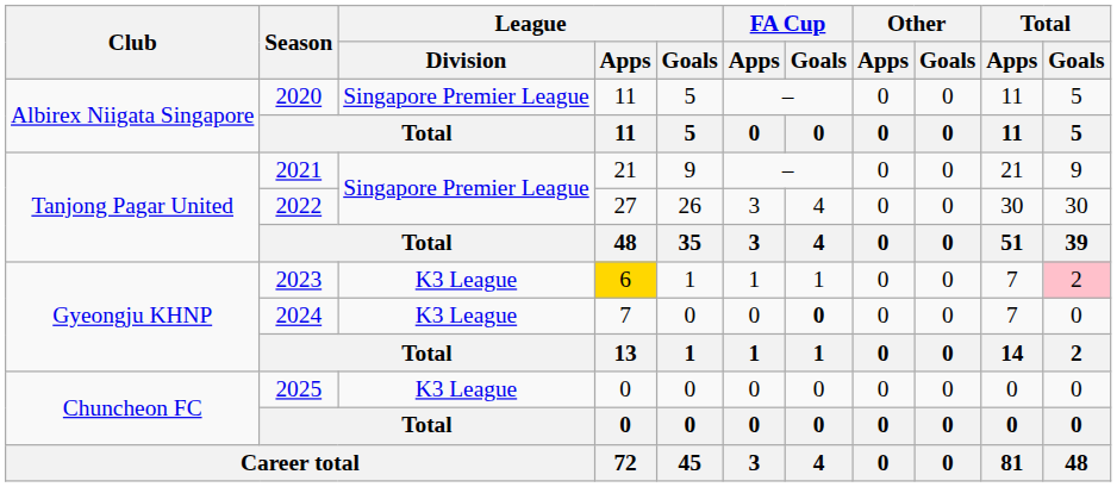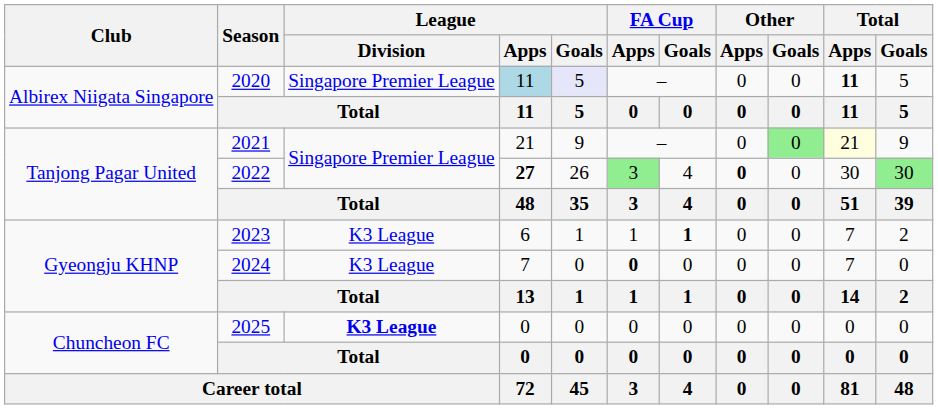 <table class="wikitable" style="text-align: center">
 <tr>
 <th rowspan="2">Club</th>
 <th rowspan="2">Season</th>
 <th colspan="3">League</th>
 <th colspan="2"><a href='#'>FA Cup</a></th>
 <th colspan="2">Other</th>
 <th colspan="2">Total</th>
 </tr>
 <tr>
 <th>Division</th>
 <th>Apps</th>
 <th>Goals</th>
 <th>Apps</th>
 <th>Goals</th>
 <th>Apps</th>
 <th>Goals</th>
 <th>Apps</th>
 <th>Goals</th>
 </tr>
 <tr>
 <td rowspan="2"><a href='#'>Albirex Niigata Singapore</a></td>
 <td><a href='#'>2020</a></td>
 <td rowspan="1"><a href='#'>Singapore Premier League</a></td>
-<td>11</td>
-<td>5</td>
+<td style="background: lightblue;">11</td>
+<td style="background: lavender;">5</td>
 <td colspan="2">–</td>
 <td>0</td>
 <td>0</td>
-<td>11</td>
+<td><strong>11</strong></td>
 <td>5</td>
 </tr>
 <tr>
 <th colspan=2>Total</th>
 <th>11</th>
 <th>5</th>
 <th>0</th>
 <th>0</th>
 <th>0</th>
 <th>0</th>
 <th>11</th>
 <th>5</th>
 </tr>
 <tr>
 <td rowspan="3"><a href='#'>Tanjong Pagar United</a></td>
 <td><a href='#'>2021</a></td>
 <td rowspan="2"><a href='#'>Singapore Premier League</a></td>
 <td>21</td>
 <td>9</td>
 <td colspan="2">–</td>
 <td>0</td>
-<td>0</td>
-<td>21</td>
+<td style="background: lightgreen;">0</td>
+<td style="background: lightyellow;">21</td>
 <td>9</td>
 </tr>
 <tr>
 <td><a href='#'>2022</a></td>
-<td>27</td>
+<td><strong>27</strong></td>
 <td>26</td>
-<td>3</td>
+<td style="background: lightgreen;">3</td>
 <td>4</td>
-<td>0</td>
+<td><strong>0</strong></td>
 <td>0</td>
 <td>30</td>
-<td>30</td>
+<td style="background: lightgreen;">30</td>
 </tr>
 <tr>
 <th colspan=2>Total</th>
 <th>48</th>
 <th>35</th>
 <th>3</th>
 <th>4</th>
 <th>0</th>
 <th>0</th>
 <th>51</th>
 <th>39</th>
 </tr>
 <tr>
 <td rowspan="3"><a href='#'>Gyeongju KHNP</a></td>
 <td><a href='#'>2023</a></td>
 <td rowspan="1"><a href='#'>K3 League</a></td>
-<td style="background: gold;">6</td>
+<td>6</td>
 <td>1</td>
 <td>1</td>
-<td>1</td>
+<td><strong>1</strong></td>
 <td>0</td>
 <td>0</td>
 <td>7</td>
-<td style="background: pink;">2</td>
+<td>2</td>
 </tr>
 <tr>
 <td><a href='#'>2024</a></td>
 <td rowspan="1"><a href='#'>K3 League</a></td>
 <td>7</td>
 <td>0</td>
+<td><strong>0</strong></td>
 <td>0</td>
-<td><strong>0</strong></td>
 <td>0</td>
 <td>0</td>
 <td>7</td>
 <td>0</td>
 </tr>
 <tr>
 <th colspan=2>Total</th>
 <th>13</th>
 <th>1</th>
 <th>1</th>
 <th>1</th>
 <th>0</th>
 <th>0</th>
 <th>14</th>
 <th>2</th>
 </tr>
 <tr>
 <td rowspan="2"><a href='#'>Chuncheon FC</a></td>
 <td><a href='#'>2025</a></td>
-<td rowspan="1"><a href='#'>K3 League</a></td>
+<td rowspan="1"><strong><a href='#'>K3 League</a></strong></td>
 <td>0</td>
 <td>0</td>
 <td>0</td>
 <td>0</td>
 <td>0</td>
 <td>0</td>
 <td>0</td>
 <td>0</td>
 </tr>
 <tr>
 <th colspan=2>Total</th>
 <th>0</th>
 <th>0</th>
 <th>0</th>
 <th>0</th>
 <th>0</th>
 <th>0</th>
 <th>0</th>
 <th>0</th>
 </tr>
 <tr>
 <th colspan=3>Career total</th>
 <th>72</th>
 <th>45</th>
 <th>3</th>
 <th>4</th>
 <th>0</th>
 <th>0</th>
 <th>81</th>
 <th>48</th>
 </tr>
 </table>
